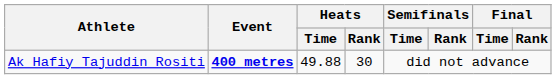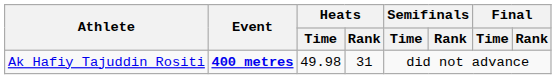 <table class=wikitable style="font-size:90%;">
 <tr>
 <th rowspan=2>Athlete</th>
 <th rowspan=2>Event</th>
 <th colspan=2>Heats</th>
 <th colspan=2>Semifinals</th>
 <th colspan=2>Final</th>
 </tr>
 <tr>
 <th>Time</th>
 <th>Rank</th>
 <th>Time</th>
 <th>Rank</th>
 <th>Time</th>
 <th>Rank</th>
 </tr>
 <tr>
 <td><a href='#'>Ak Hafiy Tajuddin Rositi</a></td>
 <td><strong><a href='#'>400 metres</a></strong></td>
-<td align="center">49.88</td>
-<td align="center">30</td>
+<td align="center">49.98</td>
+<td align="center">31</td>
 <td align=center colspan=4>did not advance</td>
 </tr>
 </table>
